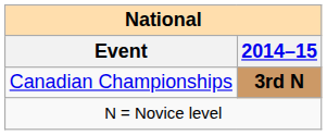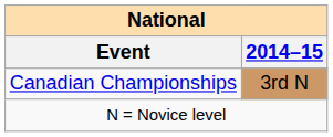 <table class="wikitable" style="text-align:center">
 <tr>
 <th style="background-color: #ffdead; " colspan=2 align=center>National</th>
 </tr>
 <tr>
 <th>Event</th>
 <th><a href='#'>2014–15</a></th>
 </tr>
 <tr>
 <td align=left><a href='#'>Canadian Championships</a></td>
-<td bgcolor=cc9966><strong>3rd N</strong></td>
+<td bgcolor=cc9966>3rd N</td>
 </tr>
 <tr>
 <td colspan=2 align=center><small> N = Novice level </small></td>
 </tr>
 </table>
